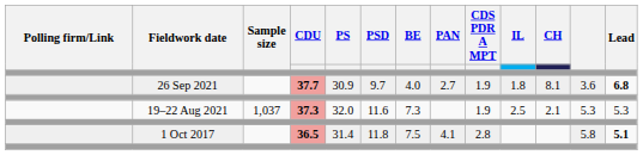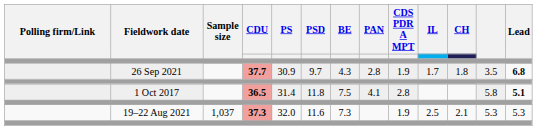 <table class="wikitable sortable mw-datatable" style="text-align:center;font-size:90%;line-height:16px;">
 <tr style="height:42px;">
 <th style="width:145px;" rowspan="2">Polling firm/Link</th>
 <th style="width:125px;" rowspan="2">Fieldwork date</th>
 <th class="unsortable" style="width:50px;" rowspan="2">Sample size</th>
 <th class="unsortable" style="width:35px;"><a href='#'>CDU</a></th>
 <th class="unsortable" style="width:35px;"><a href='#'>PS</a></th>
 <th class="unsortable" style="width:35px;"><a href='#'>PSD</a></th>
 <th class="unsortable" style="width:35px;"><a href='#'>BE</a></th>
 <th class="unsortable" style="width:35px;"><a href='#'>PAN</a></th>
 <th class="unsortable" style="width:35px;"><a href='#'>CDS</a><br><a href='#'>PDR</a><br><a href='#'>A</a><br><a href='#'>MPT</a></th>
 <th class="unsortable" style="width:35px;"><a href='#'>IL</a></th>
 <th class="unsortable" style="width:35px;"><a href='#'>CH</a></th>
 <th class="unsortable" style="width:35px;" rowspan="2"></th>
 <th class="unsortable" style="width:30px;" rowspan="2">Lead</th>
 </tr>
 <tr>
 <th class="unsortable" style="color:inherit;background:"></th>
 <th class="unsortable" style="color:inherit;background:"></th>
 <th class="unsortable" style="color:inherit;background:"></th>
 <th class="unsortable" style="color:inherit;background:"></th>
 <th class="sortable" style="background:"></th>
 <th class="unsortable" style="color:inherit;background:"></th>
 <th class="sortable" style="background:#00ADEF;"></th>
 <th class="sortable" style="background:#202056;"></th>
 </tr>
 <tr>
 <td colspan="13" style="background:#A0A0A0"></td>
 </tr>
 <tr>
 <td style="background:#EFEFEF;"><strong></strong></td>
 <td style="background:#EFEFEF;" data-sort-value="2019-10-06">26 Sep 2021</td>
 <td></td>
 <td style="background:#F1A09E"><strong>37.7</strong><br></td>
 <td style="background:#EFEFEF;">30.9<br></td>
 <td style="background:#EFEFEF;">9.7<br></td>
-<td style="background:#EFEFEF;">4.0<br></td>
-<td style="background:#EFEFEF;">2.7<br></td>
+<td style="background:#EFEFEF;">4.3<br></td>
+<td style="background:#EFEFEF;">2.8<br></td>
 <td style="background:#EFEFEF;">1.9<br></td>
+<td style="background:#EFEFEF;">1.7<br></td>
 <td style="background:#EFEFEF;">1.8<br></td>
-<td style="background:#EFEFEF;">8.1<br></td>
-<td style="background:#EFEFEF;">3.6</td>
+<td style="background:#EFEFEF;">3.5</td>
 <td style="background:"><strong>6.8</strong></td>
+</tr>
+<tr>
+<td colspan="13" style="background:#A0A0A0"></td>
+</tr>
+<tr>
+<td style="background:#EFEFEF;"><strong></strong></td>
+<td style="background:#EFEFEF;" data-sort-value="2019-10-06">1 Oct 2017</td>
+<td></td>
+<td style="background:#F1A09E"><strong>36.5</strong><br></td>
+<td style="background:#EFEFEF;">31.4<br></td>
+<td style="background:#EFEFEF;">11.8<br></td>
+<td style="background:#EFEFEF;">7.5<br></td>
+<td style="background:#EFEFEF;">4.1<br></td>
+<td style="background:#EFEFEF;">2.8<br></td>
+<td></td>
+<td></td>
+<td style="background:#EFEFEF;">5.8<br></td>
+<td style="background:"><strong>5.1</strong></td>
 </tr>
 <tr>
 <td colspan="13" style="background:#A0A0A0"></td>
 </tr>
 <tr>
 <td align="center"><br></td>
 <td align="center">19–22 Aug 2021</td>
 <td align="center">1,037</td>
 <td align="center" style="background:#F1A09E"><strong>37.3</strong><br></td>
 <td align="center">32.0<br></td>
 <td align="center">11.6<br></td>
 <td align="center">7.3<br></td>
 <td></td>
 <td align="center">1.9<br></td>
 <td align="center">2.5<br></td>
 <td align="center">2.1<br></td>
 <td align="center">5.3<br></td>
 <td style="background:">5.3</td>
 </tr>
 <tr>
 <td colspan="13" style="background:#A0A0A0"></td>
 </tr>
-<tr>
-<td style="background:#EFEFEF;"><strong></strong></td>
-<td style="background:#EFEFEF;" data-sort-value="2019-10-06">1 Oct 2017</td>
-<td></td>
-<td style="background:#F1A09E"><strong>36.5</strong><br></td>
-<td style="background:#EFEFEF;">31.4<br></td>
-<td style="background:#EFEFEF;">11.8<br></td>
-<td style="background:#EFEFEF;">7.5<br></td>
-<td style="background:#EFEFEF;">4.1<br></td>
-<td style="background:#EFEFEF;">2.8<br></td>
-<td></td>
-<td></td>
-<td style="background:#EFEFEF;">5.8<br></td>
-<td style="background:"><strong>5.1</strong></td>
-</tr>
-<tr>
-<td colspan="13" style="background:#A0A0A0"></td>
-</tr>
 </table>
